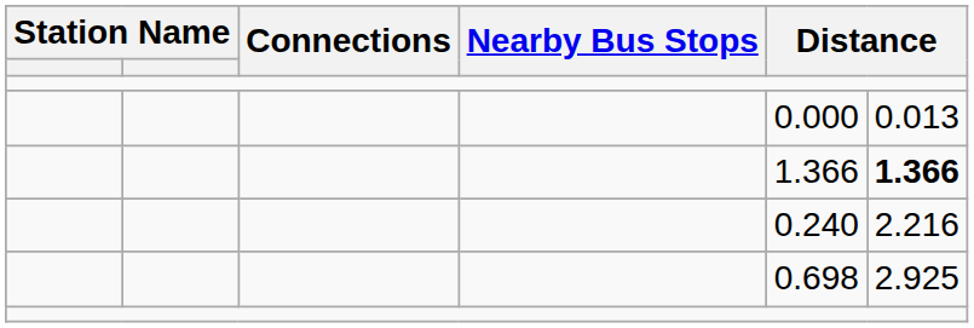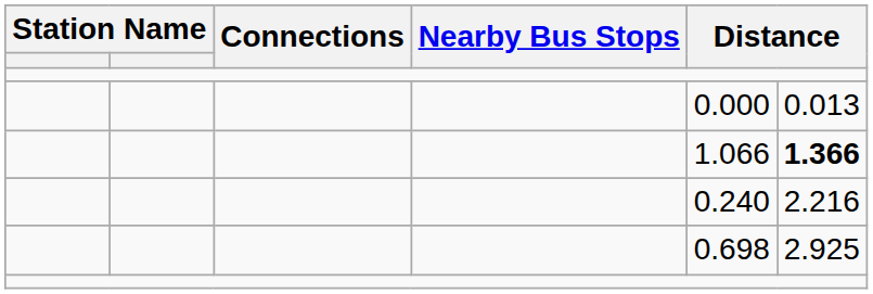 <table class="wikitable">
 <tr>
 <th colspan="2">Station Name</th>
 <th rowspan="2">Connections</th>
 <th rowspan="2"><a href='#'>Nearby Bus Stops</a></th>
 <th colspan="2" rowspan="2">Distance<br></th>
 </tr>
 <tr>
 <th></th>
 <th></th>
 </tr>
 <tr style="background:#">
 <td colspan="7"></td>
 </tr>
 <tr>
 <td></td>
 <td></td>
 <td></td>
 <td></td>
 <td>0.000</td>
 <td>0.013</td>
 </tr>
 <tr>
 <td></td>
 <td></td>
 <td> </td>
 <td></td>
-<td>1.366</td>
+<td>1.066</td>
 <td><strong>1.366</strong></td>
 </tr>
 <tr>
 <td></td>
 <td></td>
 <td></td>
 <td></td>
 <td>0.240</td>
 <td>2.216</td>
 </tr>
 <tr>
 <td></td>
 <td></td>
 <td></td>
 <td></td>
 <td>0.698</td>
 <td>2.925</td>
 </tr>
 <tr style="background:#">
 <td colspan="7"></td>
 </tr>
 </table>
